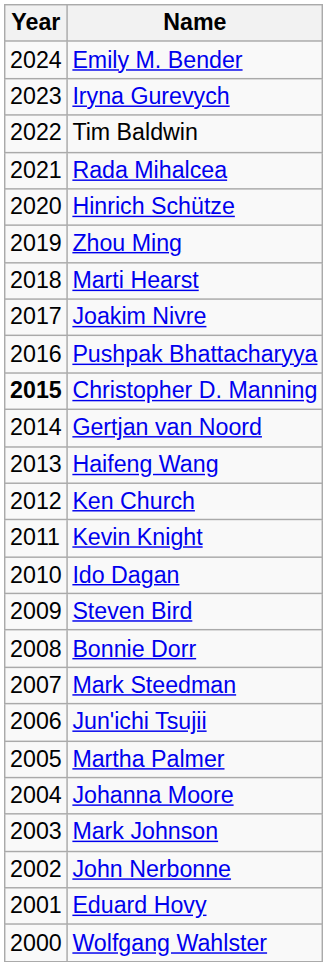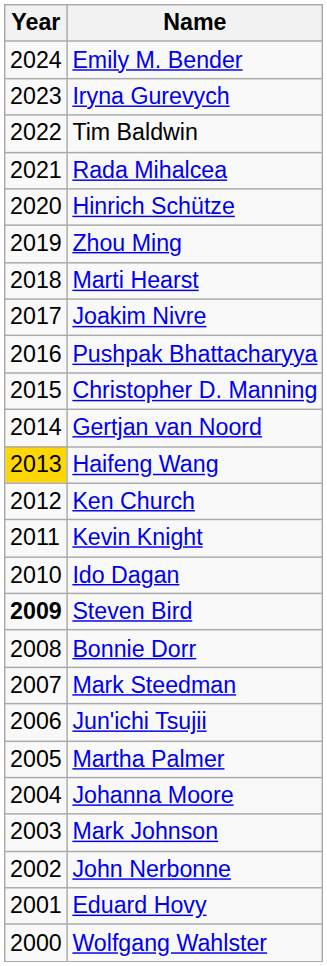 <table class="wikitable">
 <tr>
 <th>Year</th>
 <th>Name</th>
 </tr>
 <tr>
 <td>2024</td>
 <td><a href='#'>Emily M. Bender</a></td>
 </tr>
 <tr>
 <td>2023</td>
 <td><a href='#'>Iryna Gurevych</a></td>
 </tr>
 <tr>
 <td>2022</td>
 <td>Tim Baldwin</td>
 </tr>
 <tr>
 <td>2021</td>
 <td><a href='#'>Rada Mihalcea</a></td>
 </tr>
 <tr>
 <td>2020</td>
 <td><a href='#'>Hinrich Schütze</a></td>
 </tr>
 <tr>
 <td>2019</td>
 <td><a href='#'>Zhou Ming</a></td>
 </tr>
 <tr>
 <td>2018</td>
 <td><a href='#'>Marti Hearst</a></td>
 </tr>
 <tr>
 <td>2017</td>
 <td><a href='#'>Joakim Nivre</a></td>
 </tr>
 <tr>
 <td>2016</td>
 <td><a href='#'>Pushpak Bhattacharyya</a></td>
 </tr>
 <tr>
-<td><strong>2015</strong></td>
+<td>2015</td>
 <td><a href='#'>Christopher D. Manning</a></td>
 </tr>
 <tr>
 <td>2014</td>
 <td><a href='#'>Gertjan van Noord</a></td>
 </tr>
 <tr>
-<td>2013</td>
+<td style="background: gold;">2013</td>
 <td><a href='#'>Haifeng Wang</a></td>
 </tr>
 <tr>
 <td>2012</td>
 <td><a href='#'>Ken Church</a></td>
 </tr>
 <tr>
 <td>2011</td>
 <td><a href='#'>Kevin Knight</a></td>
 </tr>
 <tr>
 <td>2010</td>
 <td><a href='#'>Ido Dagan</a></td>
 </tr>
 <tr>
-<td>2009</td>
+<td><strong>2009</strong></td>
 <td><a href='#'>Steven Bird</a></td>
 </tr>
 <tr>
 <td>2008</td>
 <td><a href='#'>Bonnie Dorr</a></td>
 </tr>
 <tr>
 <td>2007</td>
 <td><a href='#'>Mark Steedman</a></td>
 </tr>
 <tr>
 <td>2006</td>
 <td><a href='#'>Jun'ichi Tsujii</a></td>
 </tr>
 <tr>
 <td>2005</td>
 <td><a href='#'>Martha Palmer</a></td>
 </tr>
 <tr>
 <td>2004</td>
 <td><a href='#'>Johanna Moore</a></td>
 </tr>
 <tr>
 <td>2003</td>
 <td><a href='#'>Mark Johnson</a></td>
 </tr>
 <tr>
 <td>2002</td>
 <td><a href='#'>John Nerbonne</a></td>
 </tr>
 <tr>
 <td>2001</td>
 <td><a href='#'>Eduard Hovy</a></td>
 </tr>
 <tr>
 <td>2000</td>
 <td><a href='#'>Wolfgang Wahlster</a></td>
 </tr>
 <tr>
 </tr>
 </table>
